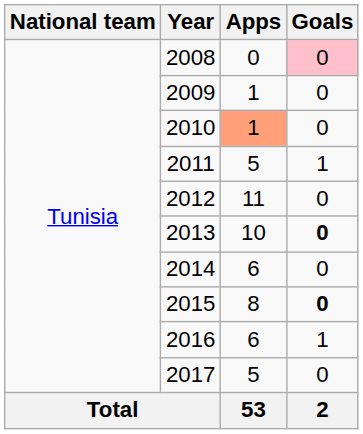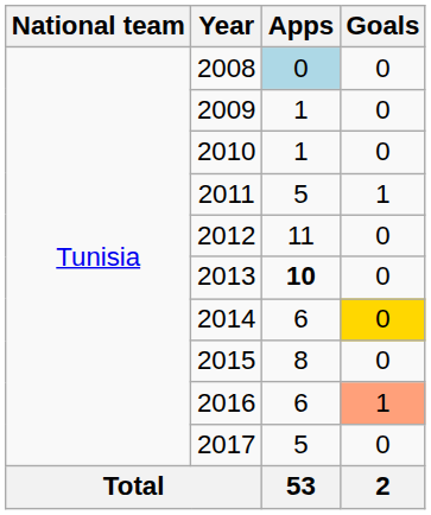 <table class="wikitable" style="text-align:center">
 <tr>
 <th>National team</th>
 <th>Year</th>
 <th>Apps</th>
 <th>Goals</th>
 </tr>
 <tr>
 <td rowspan="10"><a href='#'>Tunisia</a></td>
 <td>2008</td>
+<td style="background: lightblue;">0</td>
 <td>0</td>
-<td style="background: pink;">0</td>
 </tr>
 <tr>
 <td>2009</td>
 <td>1</td>
 <td>0</td>
 </tr>
 <tr>
 <td>2010</td>
-<td style="background: lightsalmon;">1</td>
+<td>1</td>
 <td>0</td>
 </tr>
 <tr>
 <td>2011</td>
 <td>5</td>
 <td>1</td>
 </tr>
 <tr>
 <td>2012</td>
 <td>11</td>
 <td>0</td>
 </tr>
 <tr>
 <td>2013</td>
-<td>10</td>
-<td><strong>0</strong></td>
+<td><strong>10</strong></td>
+<td>0</td>
 </tr>
 <tr>
 <td>2014</td>
 <td>6</td>
-<td>0</td>
+<td style="background: gold;">0</td>
 </tr>
 <tr>
 <td>2015</td>
 <td>8</td>
-<td><strong>0</strong></td>
+<td>0</td>
 </tr>
 <tr>
 <td>2016</td>
 <td>6</td>
-<td>1</td>
+<td style="background: lightsalmon;">1</td>
 </tr>
 <tr>
 <td>2017</td>
 <td>5</td>
 <td>0</td>
 </tr>
 <tr>
 <th colspan="2">Total</th>
 <th>53</th>
 <th>2</th>
 </tr>
 </table>
